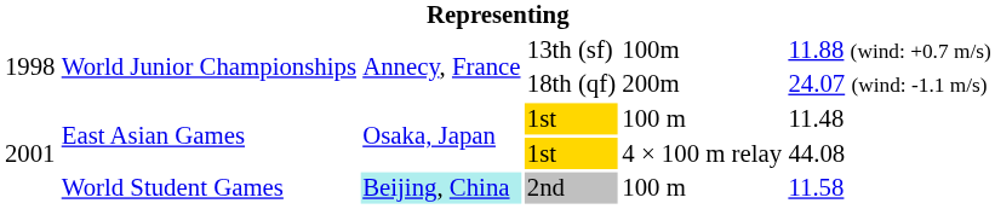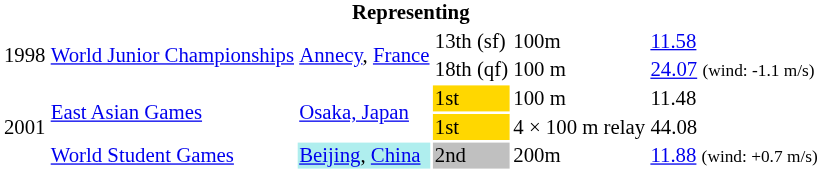 <table>
 <tr>
 <th colspan="6">Representing </th>
 </tr>
 <tr>
 <td rowspan=2>1998</td>
 <td rowspan=2><a href='#'>World Junior Championships</a></td>
 <td rowspan=2><a href='#'>Annecy</a>, <a href='#'>France</a></td>
 <td>13th (sf)</td>
 <td>100m</td>
-<td><a href='#'>11.88</a> <small>(wind: +0.7 m/s)</small></td>
+<td><a href='#'>11.58</a></td>
 </tr>
 <tr>
 <td>18th (qf)</td>
-<td>200m</td>
+<td>100 m</td>
 <td><a href='#'>24.07</a> <small>(wind: -1.1 m/s)</small></td>
 </tr>
 <tr>
 <td rowspan=3>2001</td>
 <td rowspan=2><a href='#'>East Asian Games</a></td>
 <td rowspan=2><a href='#'>Osaka, Japan</a></td>
 <td bgcolor="gold">1st</td>
 <td>100 m</td>
 <td>11.48</td>
 </tr>
 <tr>
 <td bgcolor="gold">1st</td>
 <td>4 × 100 m relay</td>
 <td>44.08</td>
 </tr>
 <tr>
 <td><a href='#'>World Student Games</a></td>
 <td style="background: paleturquoise;"><a href='#'>Beijing</a>, <a href='#'>China</a></td>
 <td bgcolor="silver">2nd</td>
-<td>100 m</td>
-<td><a href='#'>11.58</a></td>
+<td>200m</td>
+<td><a href='#'>11.88</a> <small>(wind: +0.7 m/s)</small></td>
 </tr>
 </table>
